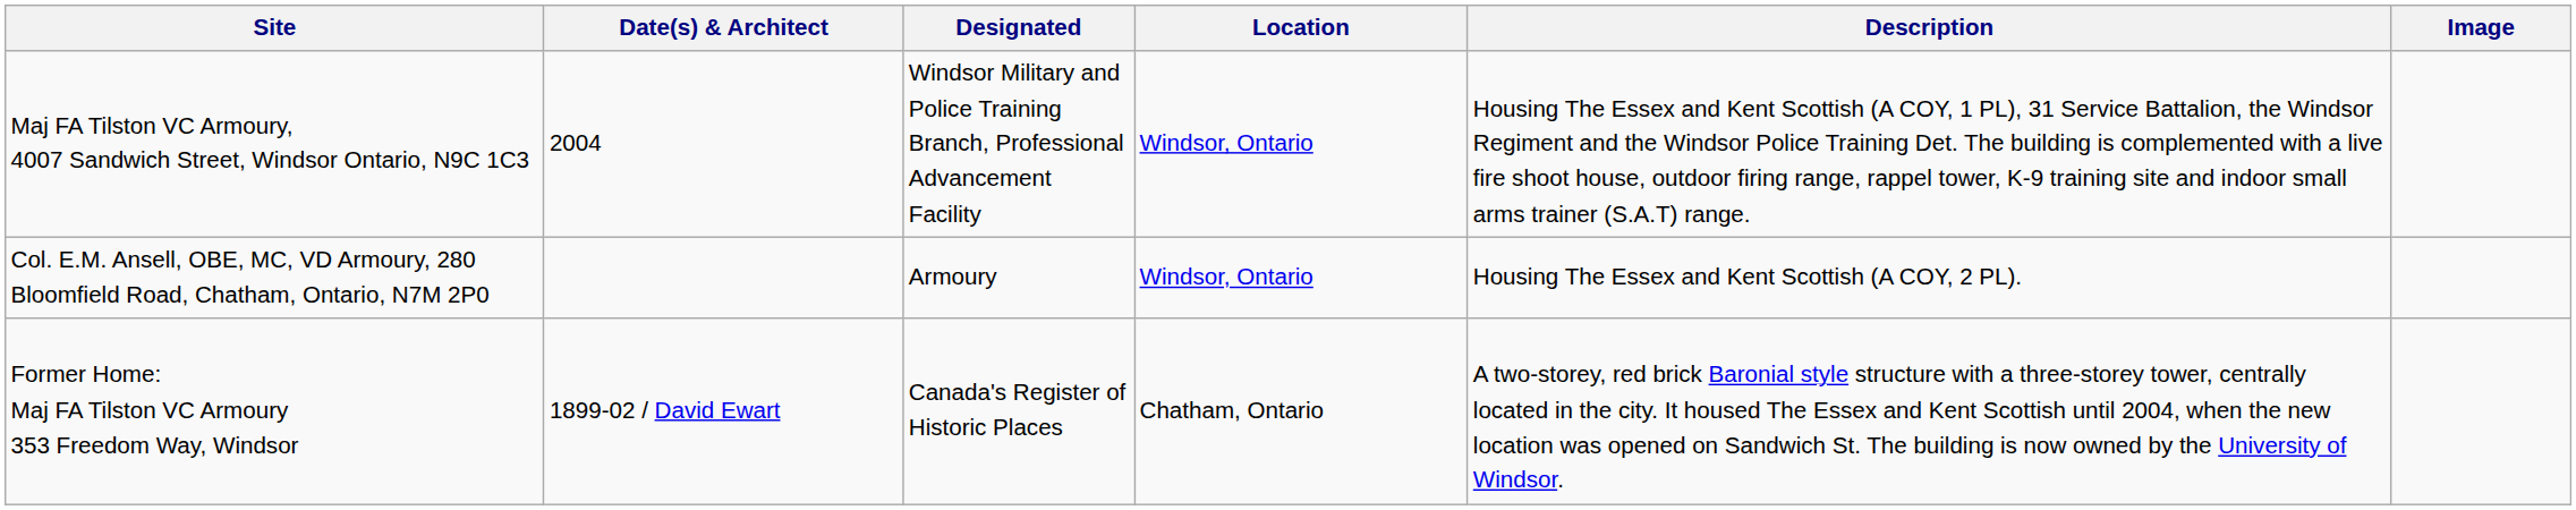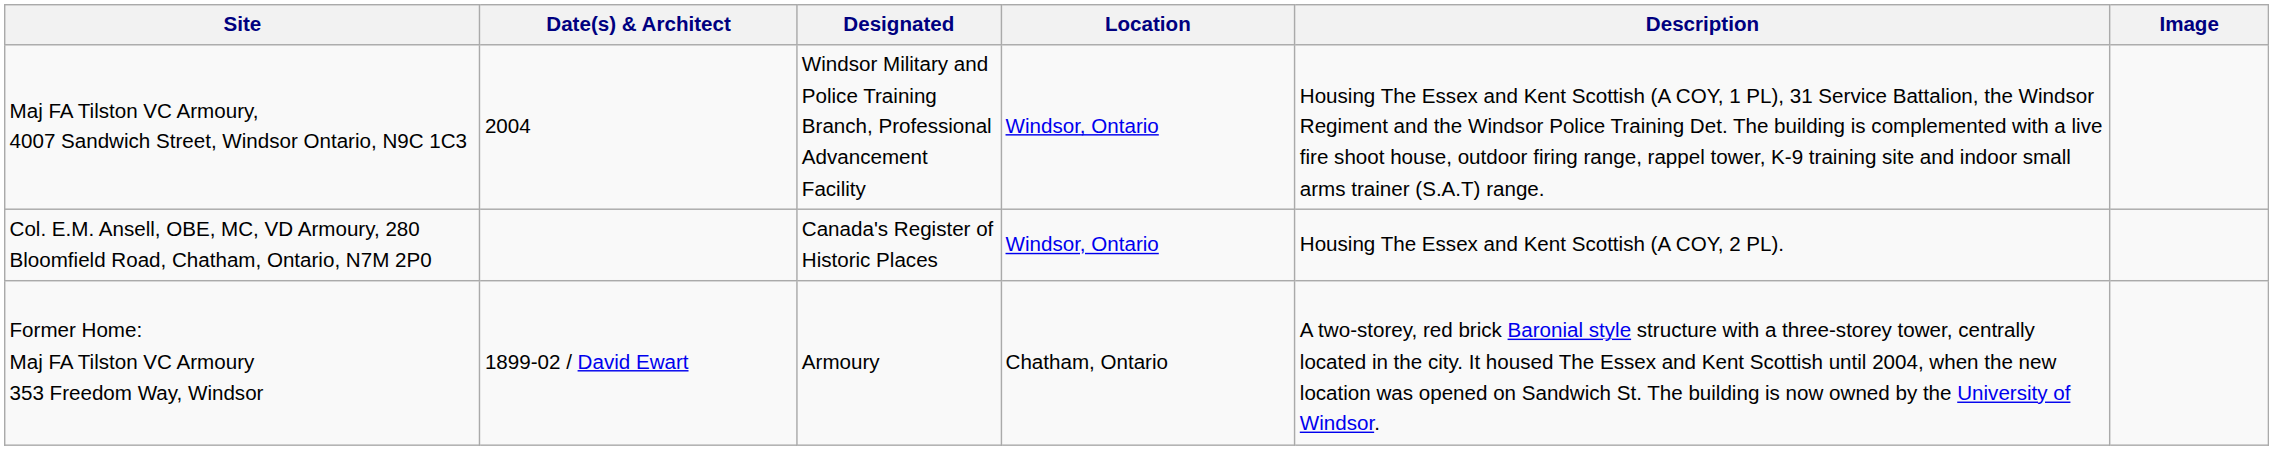 <table class="wikitable sortable" style="font-size:90%; width:100%; border:0; text-align:left; line-height:150%;">
 <tr>
 <th style="background:#f2f2f2; color:navy; width:21%;">Site</th>
 <th style="background:#f2f2f2; color:navy; width:14%;">Date(s) & Architect</th>
 <th style="background:#f2f2f2; color:navy; width:9%;">Designated</th>
 <th style="background:#f2f2f2; color:navy; width:13%;">Location</th>
 <th style="background:#f2f2f2; color:navy; width:36%;" class="unsortable">Description</th>
 <th style="background:#f2f2f2; color:navy; width:7%;" class="unsortable">Image</th>
 </tr>
 <tr>
 <td Windsor Armouries>Maj FA Tilston VC Armoury, <br>4007 Sandwich Street, Windsor Ontario, N9C 1C3</td>
 <td>2004</td>
 <td>Windsor Military and Police Training Branch, Professional Advancement Facility</td>
 <td><a href='#'>Windsor, Ontario</a></td>
 <td><br>Housing The Essex and Kent Scottish (A COY, 1 PL), 31 Service Battalion, the Windsor Regiment and the Windsor Police Training Det. The building is complemented with a live fire shoot house, outdoor firing range, rappel tower, K-9 training site and indoor small arms trainer (S.A.T) range.</td>
 <td></td>
 </tr>
 <tr>
 <td>Col. E.M. Ansell, OBE, MC, VD Armoury, 280 Bloomfield Road, Chatham, Ontario, N7M 2P0</td>
 <td></td>
-<td>Armoury</td>
+<td>Canada's Register of Historic Places</td>
 <td><a href='#'>Windsor, Ontario</a></td>
 <td>Housing The Essex and Kent Scottish (A COY, 2 PL).</td>
 <td></td>
 </tr>
 <tr>
 <td>Former Home:<br>Maj FA Tilston VC Armoury<br>353 Freedom Way, Windsor</td>
 <td>1899-02 / <a href='#'>David Ewart</a></td>
-<td>Canada's Register of Historic Places</td>
+<td>Armoury</td>
 <td>Chatham, Ontario</td>
 <td><br>A two-storey, red brick <a href='#'>Baronial style</a> structure with a three-storey tower, centrally located in the city.  It housed The Essex and Kent Scottish until 2004, when the new location was opened on Sandwich St.  The building is now owned by the <a href='#'>University of Windsor</a>.</td>
 <td></td>
 </tr>
 <tr>
 </tr>
 </table>
